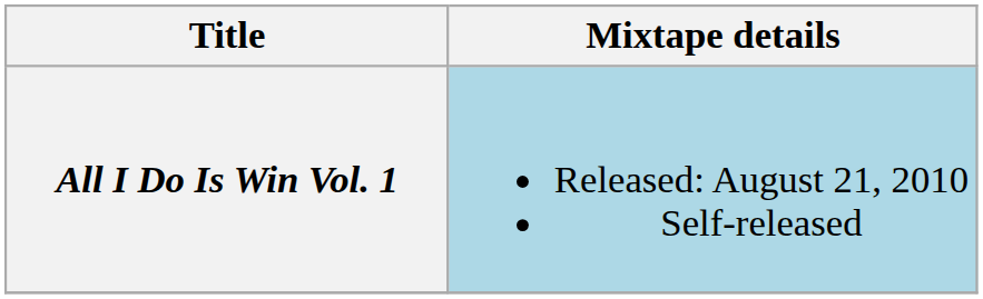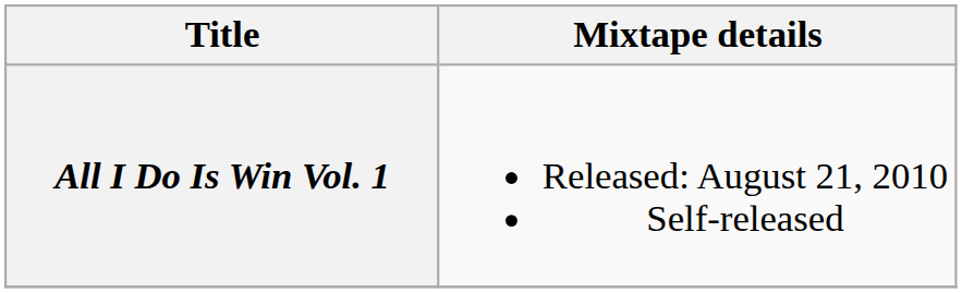 <table class="wikitable plainrowheaders" style="text-align:center;">
 <tr>
 <th scope="col" style="width:11em;">Title</th>
 <th scope="col">Mixtape details</th>
 </tr>
 <tr>
 <th scope="row"><em>All I Do Is Win Vol. 1</em></th>
-<td style="background: lightblue;"><br><ul><li>Released: August 21, 2010</li><li>Self-released</li></ul></td>
+<td><br><ul><li>Released: August 21, 2010</li><li>Self-released</li></ul></td>
 </tr>
 <tr>
 </tr>
 </table>
